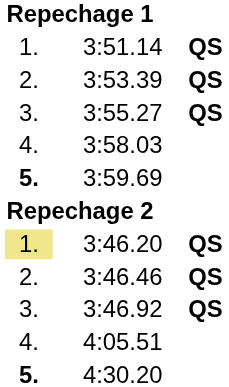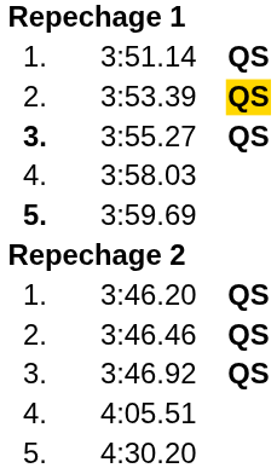 <table style="text-align:center">
 <tr>
 <td colspan=4 align=left><strong>Repechage 1</strong></td>
 </tr>
 <tr>
 <td width=30>1.</td>
 <td align=left></td>
 <td width=80>3:51.14</td>
 <td><strong>QS</strong></td>
 </tr>
 <tr>
 <td>2.</td>
 <td align=left></td>
 <td>3:53.39</td>
-<td><strong>QS</strong></td>
+<td style="background: gold;"><strong>QS</strong></td>
 </tr>
 <tr>
-<td>3.</td>
+<td><strong>3.</strong></td>
 <td align=left></td>
 <td>3:55.27</td>
 <td><strong>QS</strong></td>
 </tr>
 <tr>
 <td>4.</td>
 <td align=left></td>
 <td>3:58.03</td>
 <td></td>
 </tr>
 <tr>
 <td><strong>5.</strong></td>
 <td align=left></td>
 <td>3:59.69</td>
 <td></td>
 </tr>
 <tr>
 <td colspan=4 align=left><strong>Repechage 2</strong></td>
 </tr>
 <tr>
-<td style="background: khaki;">1.</td>
+<td>1.</td>
 <td align=left></td>
 <td>3:46.20</td>
 <td><strong>QS</strong></td>
 </tr>
 <tr>
 <td>2.</td>
 <td align=left></td>
 <td>3:46.46</td>
 <td><strong>QS</strong></td>
 </tr>
 <tr>
 <td>3.</td>
 <td align=left></td>
 <td>3:46.92</td>
 <td><strong>QS</strong></td>
 </tr>
 <tr>
 <td>4.</td>
 <td align=left></td>
 <td>4:05.51</td>
 <td></td>
 </tr>
 <tr>
-<td><strong>5.</strong></td>
+<td>5.</td>
 <td align=left></td>
 <td>4:30.20</td>
 <td></td>
 </tr>
 </table>
